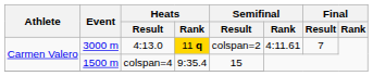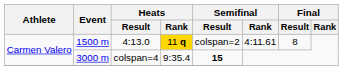 <table class="wikitable" style="font-size:90%">
 <tr>
 <th rowspan="2">Athlete</th>
 <th rowspan="2">Event</th>
 <th colspan="2">Heats</th>
 <th colspan="2">Semifinal</th>
 <th colspan="2">Final</th>
 </tr>
 <tr style="font-size:95%">
 <th>Result</th>
 <th>Rank</th>
 <th>Result</th>
 <th>Rank</th>
 <th>Result</th>
 <th>Rank</th>
 </tr>
 <tr align=center>
 <td align=left rowspan=2><a href='#'>Carmen Valero</a></td>
-<td align=left><a href='#'>3000 m</a></td>
+<td align=left><a href='#'>1500 m</a></td>
 <td>4:13.0 <strong></strong></td>
 <td style="background: gold;">11 <strong>q</strong></td>
 <td>colspan=2 </td>
 <td>4:11.61 <strong></strong></td>
-<td>7</td>
+<td>8</td>
 </tr>
 <tr align=center>
-<td align=left><a href='#'>1500 m</a></td>
+<td align=left><a href='#'>3000 m</a></td>
 <td>colspan=4 </td>
 <td>9:35.4</td>
-<td>15</td>
+<td><strong>15</strong></td>
 </tr>
 <tr align=center>
 </tr>
 </table>
